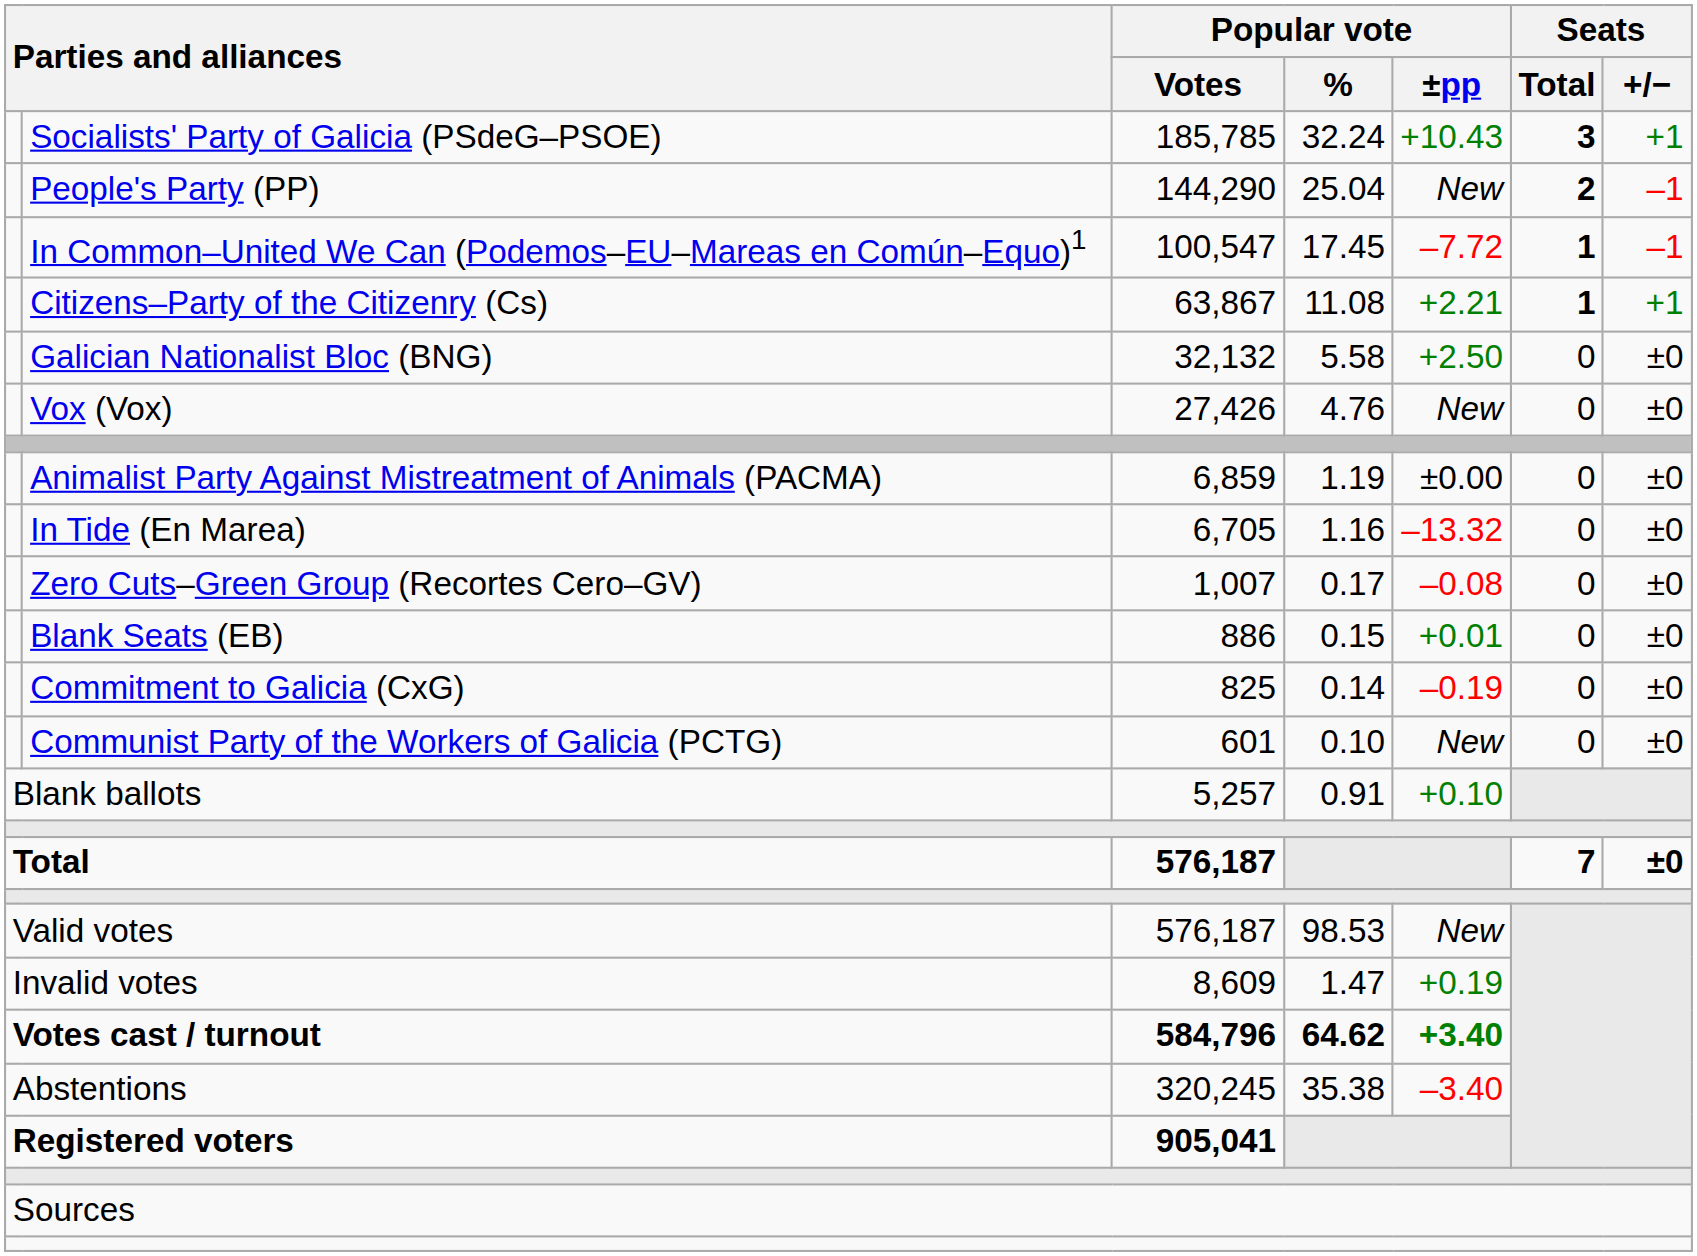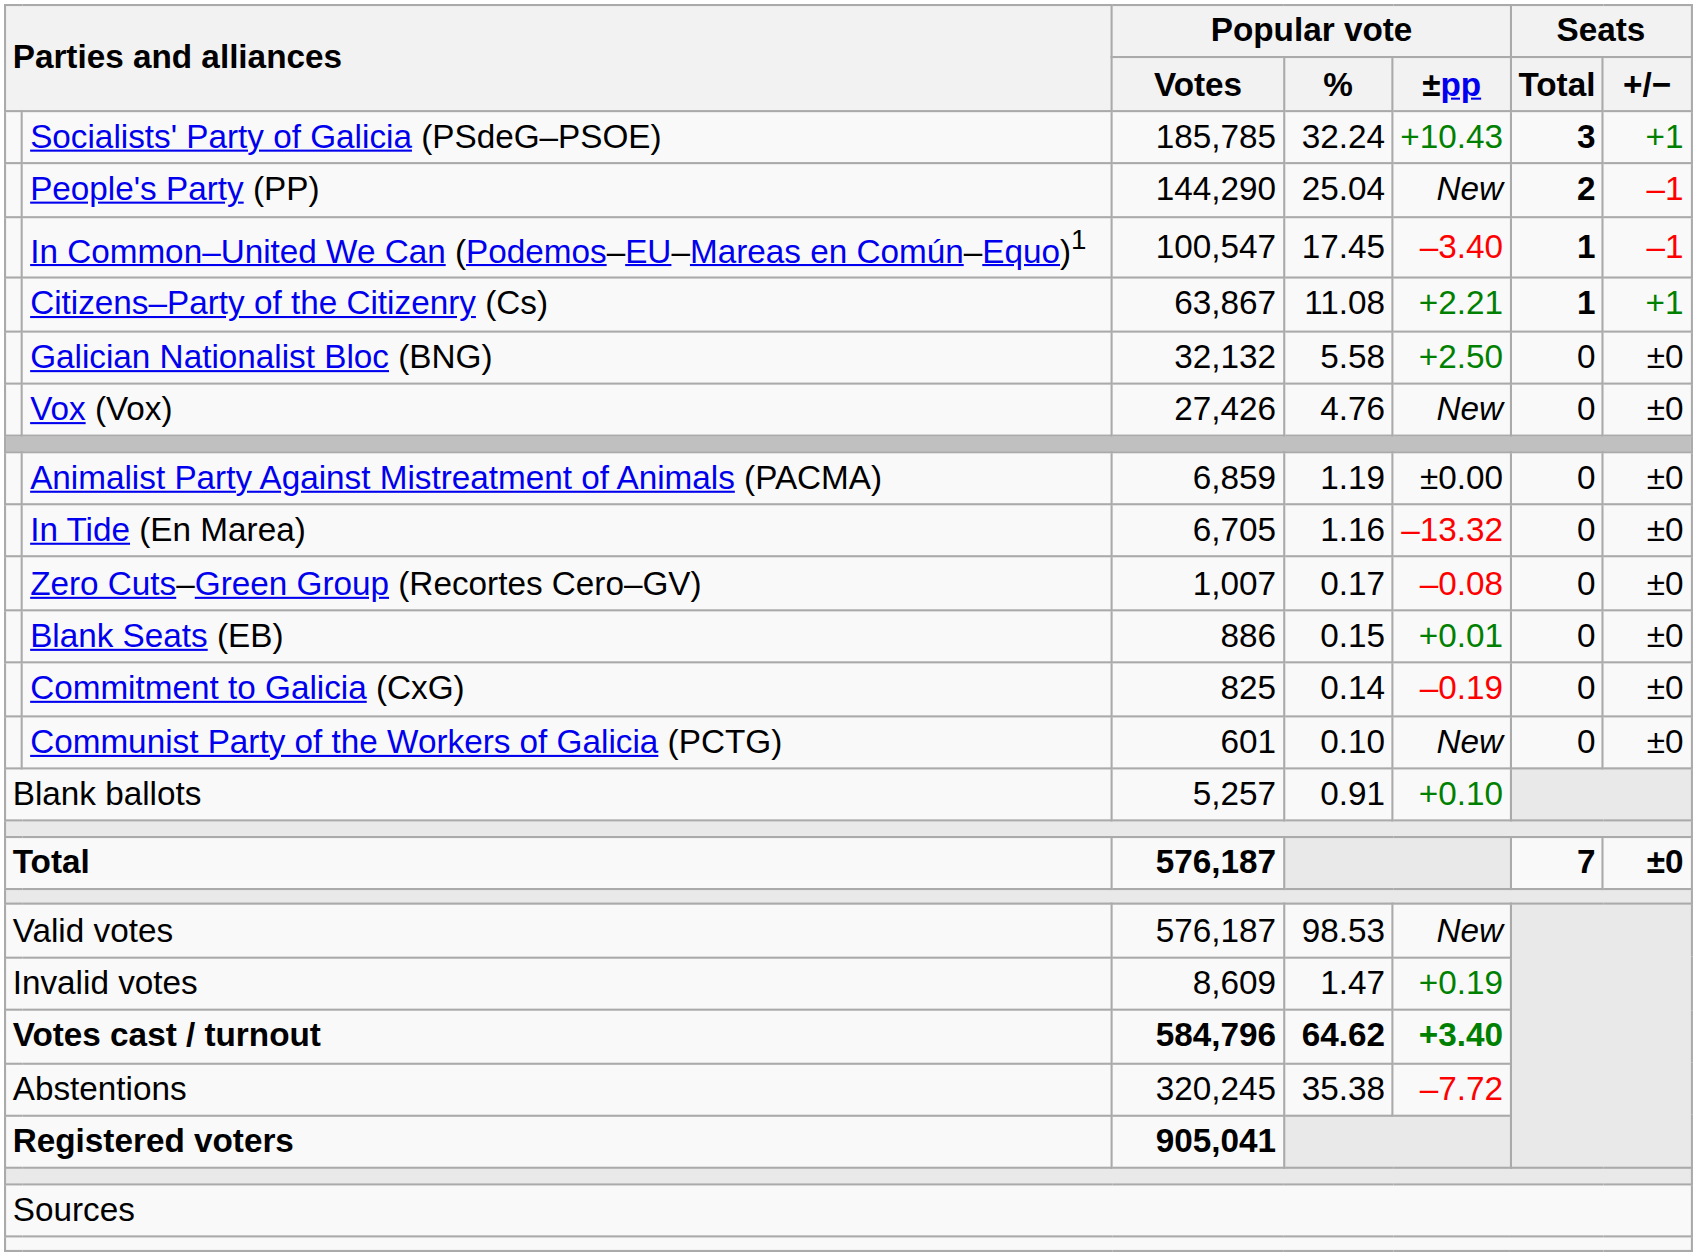 <table class="wikitable" style="text-align:right;">
 <tr>
 <th style="text-align:left;" rowspan="2" colspan="2" width="525">Parties and alliances</th>
 <th colspan="3">Popular vote</th>
 <th colspan="2">Seats</th>
 </tr>
 <tr>
 <th width="75">Votes</th>
 <th width="45">%</th>
 <th width="45">±<a href='#'>pp</a></th>
 <th width="35">Total</th>
 <th width="35">+/−</th>
 </tr>
 <tr>
 <td width="1" style="color:inherit;background:"></td>
 <td align="left"><a href='#'>Socialists' Party of Galicia</a> (PSdeG–PSOE)</td>
 <td>185,785</td>
 <td>32.24</td>
 <td style="color:green;">+10.43</td>
 <td><strong>3</strong></td>
 <td style="color:green;">+1</td>
 </tr>
 <tr>
 <td style="color:inherit;background:"></td>
 <td align="left"><a href='#'>People's Party</a> (PP)</td>
 <td>144,290</td>
 <td>25.04</td>
 <td><em>New</em></td>
 <td><strong>2</strong></td>
 <td style="color:red;">–1</td>
 </tr>
 <tr>
 <td style="color:inherit;background:"></td>
 <td align="left"><a href='#'>In Common–United We Can</a> (<a href='#'>Podemos</a>–<a href='#'>EU</a>–<a href='#'>Mareas en Común</a>–<a href='#'>Equo</a>)<sup>1</sup></td>
 <td>100,547</td>
 <td>17.45</td>
-<td style="color:red;">–7.72</td>
+<td style="color:red;">–3.40</td>
 <td><strong>1</strong></td>
 <td style="color:red;">–1</td>
 </tr>
 <tr>
 <td style="color:inherit;background:"></td>
 <td align="left"><a href='#'>Citizens–Party of the Citizenry</a> (Cs)</td>
 <td>63,867</td>
 <td>11.08</td>
 <td style="color:green;">+2.21</td>
 <td><strong>1</strong></td>
 <td style="color:green;">+1</td>
 </tr>
 <tr>
 <td style="color:inherit;background:"></td>
 <td align="left"><a href='#'>Galician Nationalist Bloc</a> (BNG)</td>
 <td>32,132</td>
 <td>5.58</td>
 <td style="color:green;">+2.50</td>
 <td>0</td>
 <td>±0</td>
 </tr>
 <tr>
 <td style="color:inherit;background:"></td>
 <td align="left"><a href='#'>Vox</a> (Vox)</td>
 <td>27,426</td>
 <td>4.76</td>
 <td><em>New</em></td>
 <td>0</td>
 <td>±0</td>
 </tr>
 <tr>
 <td colspan="7" bgcolor="#C0C0C0"></td>
 </tr>
 <tr>
 <td style="color:inherit;background:"></td>
 <td align="left"><a href='#'>Animalist Party Against Mistreatment of Animals</a> (PACMA)</td>
 <td>6,859</td>
 <td>1.19</td>
 <td>±0.00</td>
 <td>0</td>
 <td>±0</td>
 </tr>
 <tr>
 <td style="color:inherit;background:"></td>
 <td align="left"><a href='#'>In Tide</a> (En Marea)</td>
 <td>6,705</td>
 <td>1.16</td>
 <td style="color:red;">–13.32</td>
 <td>0</td>
 <td>±0</td>
 </tr>
 <tr>
 <td style="color:inherit;background:"></td>
 <td align="left"><a href='#'>Zero Cuts</a>–<a href='#'>Green Group</a> (Recortes Cero–GV)</td>
 <td>1,007</td>
 <td>0.17</td>
 <td style="color:red;">–0.08</td>
 <td>0</td>
 <td>±0</td>
 </tr>
 <tr>
 <td style="color:inherit;background:"></td>
 <td align="left"><a href='#'>Blank Seats</a> (EB)</td>
 <td>886</td>
 <td>0.15</td>
 <td style="color:green;">+0.01</td>
 <td>0</td>
 <td>±0</td>
 </tr>
 <tr>
 <td style="color:inherit;background:"></td>
 <td align="left"><a href='#'>Commitment to Galicia</a> (CxG)</td>
 <td>825</td>
 <td>0.14</td>
 <td style="color:red;">–0.19</td>
 <td>0</td>
 <td>±0</td>
 </tr>
 <tr>
 <td style="color:inherit;background:"></td>
 <td align="left"><a href='#'>Communist Party of the Workers of Galicia</a> (PCTG)</td>
 <td>601</td>
 <td>0.10</td>
 <td><em>New</em></td>
 <td>0</td>
 <td>±0</td>
 </tr>
 <tr>
 <td align="left" colspan="2">Blank ballots</td>
 <td>5,257</td>
 <td>0.91</td>
 <td style="color:green;">+0.10</td>
 <td bgcolor="#E9E9E9" colspan="2"></td>
 </tr>
 <tr>
 <td colspan="7" bgcolor="#E9E9E9"></td>
 </tr>
 <tr style="font-weight:bold;">
 <td align="left" colspan="2">Total</td>
 <td>576,187</td>
 <td bgcolor="#E9E9E9" colspan="2"></td>
 <td>7</td>
 <td>±0</td>
 </tr>
 <tr>
 <td colspan="7" bgcolor="#E9E9E9"></td>
 </tr>
 <tr>
 <td align="left" colspan="2">Valid votes</td>
 <td>576,187</td>
 <td>98.53</td>
 <td><em>New</em></td>
 <td bgcolor="#E9E9E9" colspan="2" rowspan="5"></td>
 </tr>
 <tr>
 <td align="left" colspan="2">Invalid votes</td>
 <td>8,609</td>
 <td>1.47</td>
 <td style="color:green;">+0.19</td>
 </tr>
 <tr style="font-weight:bold;">
 <td align="left" colspan="2">Votes cast / turnout</td>
 <td>584,796</td>
 <td>64.62</td>
 <td style="color:green;">+3.40</td>
 </tr>
 <tr>
 <td align="left" colspan="2">Abstentions</td>
 <td>320,245</td>
 <td>35.38</td>
-<td style="color:red;">–3.40</td>
+<td style="color:red;">–7.72</td>
 </tr>
 <tr style="font-weight:bold;">
 <td align="left" colspan="2">Registered voters</td>
 <td>905,041</td>
 <td bgcolor="#E9E9E9" colspan="2"></td>
 </tr>
 <tr>
 <td colspan="7" bgcolor="#E9E9E9"></td>
 </tr>
 <tr>
 <td align="left" colspan="7">Sources</td>
 </tr>
 <tr>
 <td colspan="7" style="text-align:left; max-width:790px;"></td>
 </tr>
 </table>
